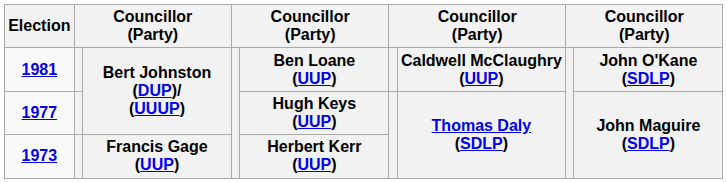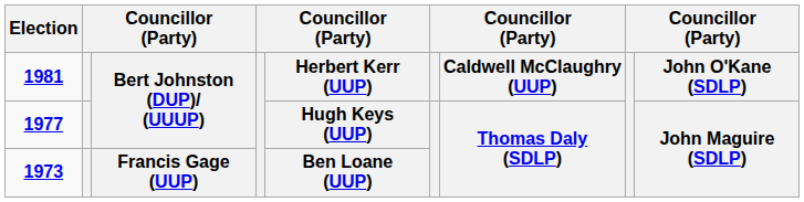 <table class="wikitable" style="text-align:center">
 <tr>
 <th scope="col" width="50">Election</th>
 <th scope="col" width="150" colspan = "2">Councillor<br> (Party)</th>
 <th scope="col" width="150" colspan = "2">Councillor<br> (Party)</th>
 <th scope="col" width="150" colspan = "2">Councillor<br> (Party)</th>
 <th scope="col" width="150" colspan = "2">Councillor<br> (Party)</th>
 </tr>
 <tr>
 <td><strong><a href='#'>1981</a></strong></td>
 <th rowspan="1" width="1" style="background-color: "></th>
 <th rowspan = "2">Bert Johnston <br> (<a href='#'>DUP</a>)/ <br> (<a href='#'>UUUP</a>)</th>
 <th rowspan="3" width="1" style="background-color: "></th>
-<th rowspan = "1">Ben Loane <br> (<a href='#'>UUP</a>)</th>
+<th rowspan = "1">Herbert Kerr <br> (<a href='#'>UUP</a>)</th>
 <th rowspan="1" width="1" style="background-color: "></th>
 <th rowspan = "1">Caldwell McClaughry <br> (<a href='#'>UUP</a>)</th>
 <th rowspan="3" width="1" style="background-color: "></th>
 <th rowspan = "1">John O'Kane <br> (<a href='#'>SDLP</a>)</th>
 </tr>
 <tr>
 <td><strong><a href='#'>1977</a></strong></td>
 <th rowspan="1" width="1" style="background-color: "></th>
 <th rowspan = "1">Hugh Keys <br> (<a href='#'>UUP</a>)</th>
 <th rowspan="2" width="1" style="background-color: "></th>
 <th rowspan = "2"><a href='#'>Thomas Daly</a> <br> (<a href='#'>SDLP</a>)</th>
 <th rowspan = "2">John Maguire <br> (<a href='#'>SDLP</a>)</th>
 </tr>
 <tr>
 <td><strong><a href='#'>1973</a></strong></td>
 <th rowspan="1" width="1" style="background-color: "></th>
 <th rowspan = "1">Francis Gage <br> (<a href='#'>UUP</a>)</th>
-<th rowspan = "1">Herbert Kerr <br> (<a href='#'>UUP</a>)</th>
+<th rowspan = "1">Ben Loane <br> (<a href='#'>UUP</a>)</th>
 </tr>
 </table>
